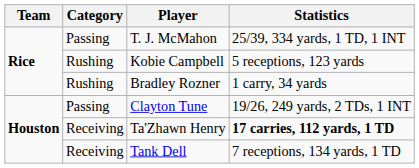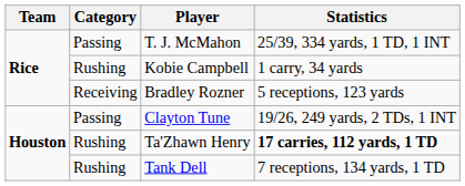 <table class="wikitable" style="float: right;">
 <tr>
 <th>Team</th>
 <th>Category</th>
 <th>Player</th>
 <th>Statistics</th>
 </tr>
 <tr>
 <td rowspan=3><strong>Rice</strong></td>
 <td>Passing</td>
 <td>T. J. McMahon</td>
 <td>25/39, 334 yards, 1 TD, 1 INT</td>
 </tr>
 <tr>
 <td>Rushing</td>
 <td>Kobie Campbell</td>
-<td>5 receptions, 123 yards</td>
+<td>1 carry, 34 yards</td>
 </tr>
 <tr>
-<td>Rushing</td>
+<td>Receiving</td>
 <td>Bradley Rozner</td>
-<td>1 carry, 34 yards</td>
+<td>5 receptions, 123 yards</td>
 </tr>
 <tr>
 <td rowspan=3><strong>Houston</strong></td>
 <td>Passing</td>
 <td><a href='#'>Clayton Tune</a></td>
 <td>19/26, 249 yards, 2 TDs, 1 INT</td>
 </tr>
 <tr>
-<td>Receiving</td>
+<td>Rushing</td>
 <td>Ta'Zhawn Henry</td>
 <td><strong>17 carries, 112 yards, 1 TD</strong></td>
 </tr>
 <tr>
-<td>Receiving</td>
+<td>Rushing</td>
 <td><a href='#'>Tank Dell</a></td>
 <td>7 receptions, 134 yards, 1 TD</td>
 </tr>
 </table>
